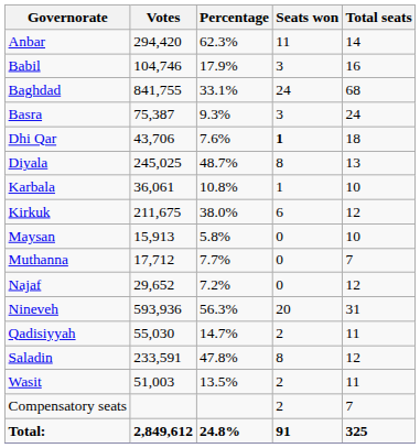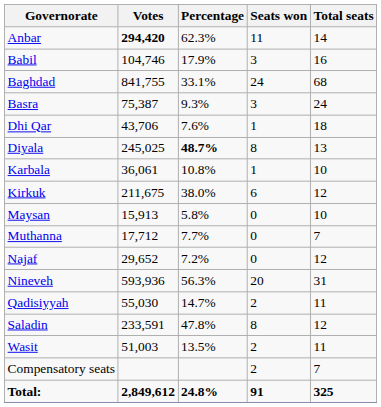 <table class=wikitable style="border:1px solid #8888aa; background-color:#f8f8f8; padding:0px; font-size:90%;">
 <tr>
 <th>Governorate</th>
 <th>Votes</th>
 <th>Percentage</th>
 <th>Seats won</th>
 <th>Total seats</th>
 </tr>
 <tr>
 <td><a href='#'>Anbar</a></td>
-<td>294,420</td>
+<td><strong>294,420</strong></td>
 <td>62.3%</td>
 <td>11</td>
 <td>14</td>
 </tr>
 <tr>
 <td><a href='#'>Babil</a></td>
 <td>104,746</td>
 <td>17.9%</td>
 <td>3</td>
 <td>16</td>
 </tr>
 <tr>
 <td><a href='#'>Baghdad</a></td>
 <td>841,755</td>
 <td>33.1%</td>
 <td>24</td>
 <td>68</td>
 </tr>
 <tr>
 <td><a href='#'>Basra</a></td>
 <td>75,387</td>
 <td>9.3%</td>
 <td>3</td>
 <td>24</td>
 </tr>
 <tr>
 <td><a href='#'>Dhi Qar</a></td>
 <td>43,706</td>
 <td>7.6%</td>
-<td><strong>1</strong></td>
+<td>1</td>
 <td>18</td>
 </tr>
 <tr>
 <td><a href='#'>Diyala</a></td>
 <td>245,025</td>
-<td>48.7%</td>
+<td><strong>48.7%</strong></td>
 <td>8</td>
 <td>13</td>
 </tr>
 <tr>
 <td><a href='#'>Karbala</a></td>
 <td>36,061</td>
 <td>10.8%</td>
 <td>1</td>
 <td>10</td>
 </tr>
 <tr>
 <td><a href='#'>Kirkuk</a></td>
 <td>211,675</td>
 <td>38.0%</td>
 <td>6</td>
 <td>12</td>
 </tr>
 <tr>
 <td><a href='#'>Maysan</a></td>
 <td>15,913</td>
 <td>5.8%</td>
 <td>0</td>
 <td>10</td>
 </tr>
 <tr>
 <td><a href='#'>Muthanna</a></td>
 <td>17,712</td>
 <td>7.7%</td>
 <td>0</td>
 <td>7</td>
 </tr>
 <tr>
 <td><a href='#'>Najaf</a></td>
 <td>29,652</td>
 <td>7.2%</td>
 <td>0</td>
 <td>12</td>
 </tr>
 <tr>
 <td><a href='#'>Nineveh</a></td>
 <td>593,936</td>
 <td>56.3%</td>
 <td>20</td>
 <td>31</td>
 </tr>
 <tr>
 <td><a href='#'>Qadisiyyah</a></td>
 <td>55,030</td>
 <td>14.7%</td>
 <td>2</td>
 <td>11</td>
 </tr>
 <tr>
 <td><a href='#'>Saladin</a></td>
 <td>233,591</td>
 <td>47.8%</td>
 <td>8</td>
 <td>12</td>
 </tr>
 <tr>
 <td><a href='#'>Wasit</a></td>
 <td>51,003</td>
 <td>13.5%</td>
 <td>2</td>
 <td>11</td>
 </tr>
 <tr>
 <td>Compensatory seats</td>
 <td></td>
 <td></td>
 <td>2</td>
 <td>7</td>
 </tr>
 <tr>
 <td><strong>Total:</strong></td>
 <td><strong>2,849,612</strong></td>
 <td><strong>24.8%</strong></td>
 <td><strong>91</strong></td>
 <td><strong>325</strong></td>
 </tr>
 <tr>
 </tr>
 </table>
